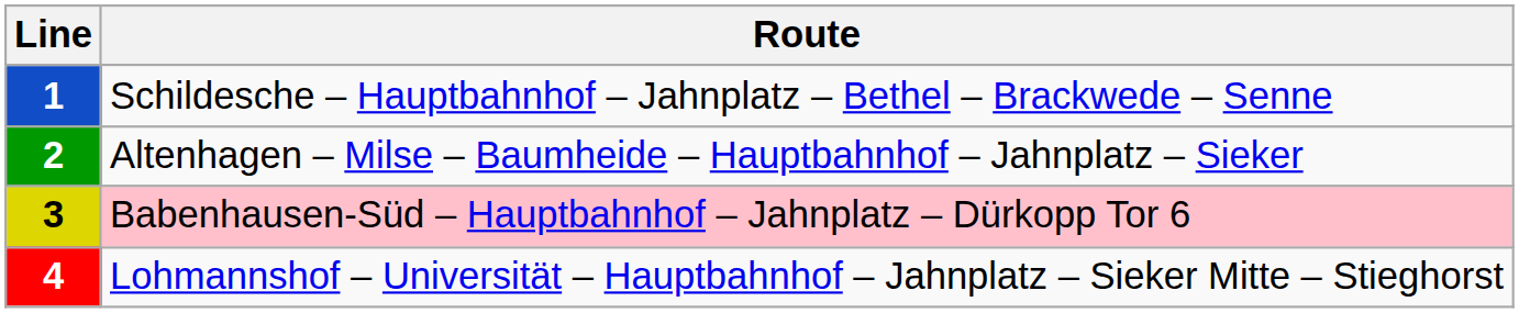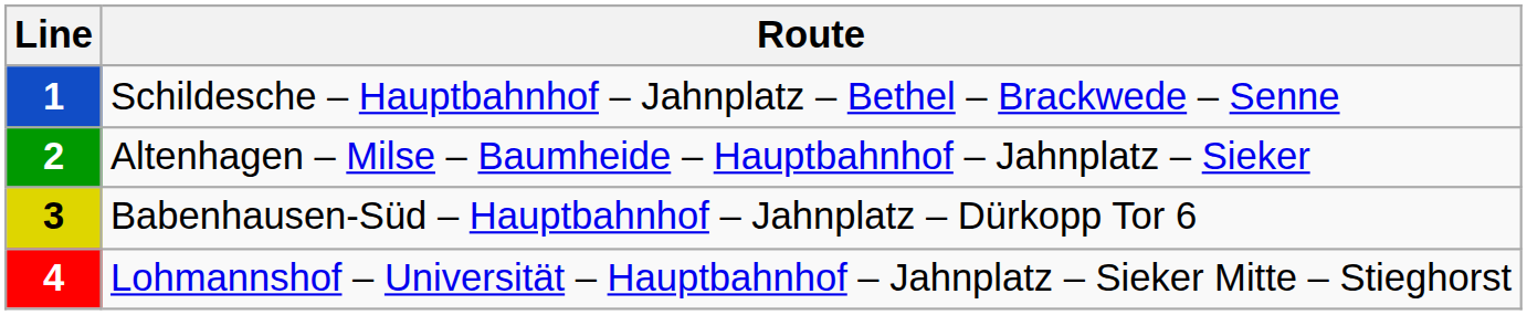 <table class="wikitable">
 <tr>
 <th>Line</th>
 <th>Route</th>
 </tr>
 <tr>
 <td style="background-color:#114DC6; color:#FFFFFF; text-align:center;"><strong>1</strong></td>
 <td>Schildesche – <a href='#'>Hauptbahnhof</a> – Jahnplatz – <a href='#'>Bethel</a> – <a href='#'>Brackwede</a> – <a href='#'>Senne</a></td>
 </tr>
 <tr>
 <td style="background-color:#009900; color:#FFFFFF; text-align:center;"><strong>2</strong></td>
 <td>Altenhagen – <a href='#'>Milse</a> – <a href='#'>Baumheide</a> – <a href='#'>Hauptbahnhof</a> – Jahnplatz – <a href='#'>Sieker</a></td>
 </tr>
 <tr>
 <td style="background-color:#DED600; color:#000000; text-align:center;"><strong>3</strong></td>
-<td style="background: pink;">Babenhausen-Süd – <a href='#'>Hauptbahnhof</a> – Jahnplatz – Dürkopp Tor 6</td>
+<td>Babenhausen-Süd – <a href='#'>Hauptbahnhof</a> – Jahnplatz – Dürkopp Tor 6</td>
 </tr>
 <tr>
 <td style="background-color:#FF0000; color:#FFFFFF; text-align:center;"><strong>4</strong></td>
 <td><a href='#'>Lohmannshof</a> – <a href='#'>Universität</a> – <a href='#'>Hauptbahnhof</a> – Jahnplatz – Sieker Mitte – Stieghorst</td>
 </tr>
 </table>
